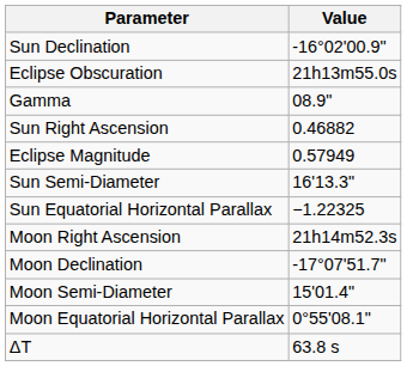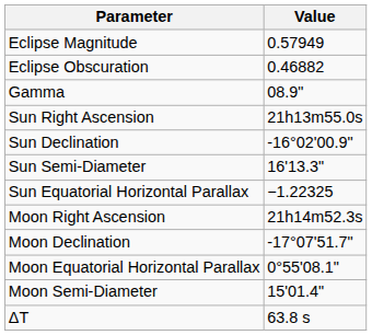 <table class="wikitable">
 <tr>
 <th>Parameter</th>
 <th>Value</th>
 </tr>
 <tr>
-<td>Sun Declination</td>
-<td>-16°02'00.9"</td>
+<td>Eclipse Magnitude</td>
+<td>0.57949</td>
 </tr>
 <tr>
 <td>Eclipse Obscuration</td>
-<td>21h13m55.0s</td>
+<td>0.46882</td>
 </tr>
 <tr>
 <td>Gamma</td>
 <td>08.9"</td>
 </tr>
 <tr>
 <td>Sun Right Ascension</td>
-<td>0.46882</td>
+<td>21h13m55.0s</td>
 </tr>
 <tr>
-<td>Eclipse Magnitude</td>
-<td>0.57949</td>
+<td>Sun Declination</td>
+<td>-16°02'00.9"</td>
 </tr>
 <tr>
 <td>Sun Semi-Diameter</td>
 <td>16'13.3"</td>
 </tr>
 <tr>
 <td>Sun Equatorial Horizontal Parallax</td>
 <td>−1.22325</td>
 </tr>
 <tr>
 <td>Moon Right Ascension</td>
 <td>21h14m52.3s</td>
 </tr>
 <tr>
 <td>Moon Declination</td>
 <td>-17°07'51.7"</td>
 </tr>
 <tr>
+<td>Moon Equatorial Horizontal Parallax</td>
+<td>0°55'08.1"</td>
+</tr>
+<tr>
 <td>Moon Semi-Diameter</td>
 <td>15'01.4"</td>
-</tr>
-<tr>
-<td>Moon Equatorial Horizontal Parallax</td>
-<td>0°55'08.1"</td>
 </tr>
 <tr>
 <td>ΔT</td>
 <td>63.8 s</td>
 </tr>
 </table>
